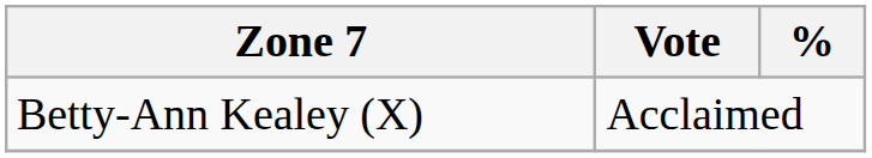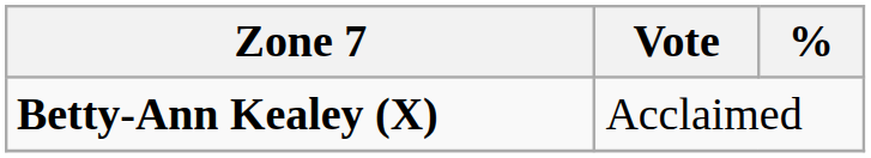 <table class="wikitable">
 <tr>
 <th bgcolor="#DDDDFF" width="200px">Zone 7</th>
 <th bgcolor="#DDDDFF" width="50px">Vote</th>
 <th bgcolor="#DDDDFF" width="30px">%</th>
 </tr>
 <tr>
-<td>Betty-Ann Kealey (X)</td>
+<td><strong>Betty-Ann Kealey (X)</strong></td>
 <td colspan=2>Acclaimed</td>
 </tr>
 <tr>
 </tr>
 </table>
